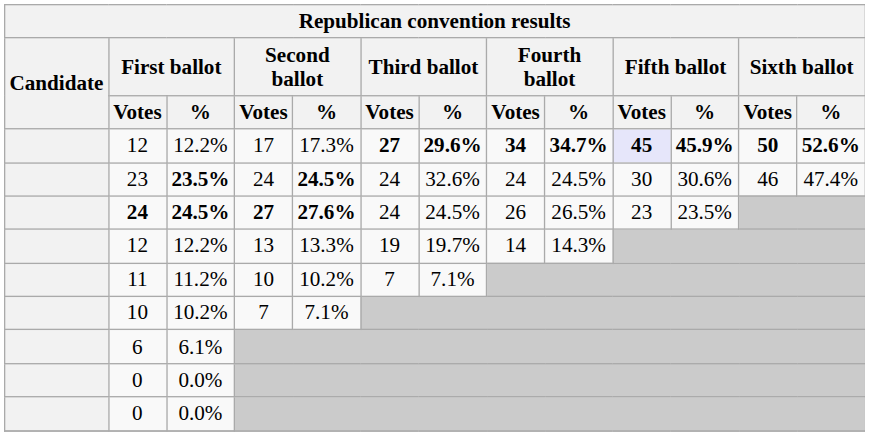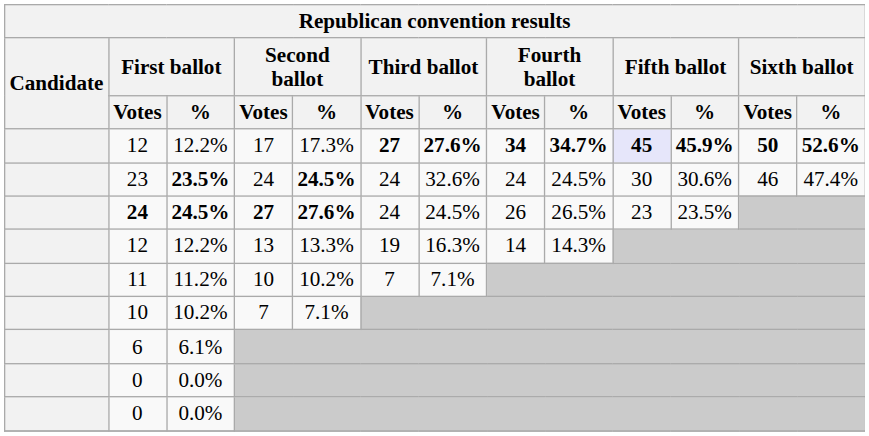 <table class="wikitable sortable plainrowheaders">
 <tr>
 <th colspan="13" >Republican convention results</th>
 </tr>
 <tr style="background:#eee; text-align:center;">
 <th scope="col" style="width: 12em" rowspan=2>Candidate</th>
 <th scope="col" style="width: 5em" colspan=2>First ballot</th>
 <th scope="col" style="width: 5em" colspan=2>Second ballot</th>
 <th scope="col" style="width: 5em" colspan=2>Third ballot</th>
 <th scope="col" style="width: 5em" colspan=2>Fourth ballot</th>
 <th scope="col" style="width: 5em" colspan=2>Fifth ballot</th>
 <th scope="col" style="width: 5em" colspan=2>Sixth ballot</th>
 </tr>
 <tr>
 <th>Votes</th>
 <th>%</th>
 <th>Votes</th>
 <th>%</th>
 <th>Votes</th>
 <th>%</th>
 <th>Votes</th>
 <th>%</th>
 <th>Votes</th>
 <th>%</th>
 <th>Votes</th>
 <th>%</th>
 </tr>
 <tr>
 <th scope="row"><strong></strong></th>
 <td style="text-align:center;">12</td>
 <td style="text-align:center;">12.2%</td>
 <td style="text-align:center;">17</td>
 <td style="text-align:center;">17.3%</td>
 <td style="text-align:center;"><strong>27</strong></td>
-<td style="text-align:center;"><strong>29.6%</strong></td>
+<td style="text-align:center;"><strong>27.6%</strong></td>
 <td style="text-align:center;"><strong>34</strong></td>
 <td style="text-align:center;"><strong>34.7%</strong></td>
 <td style="background: lavender; text-align:center;"><strong>45</strong></td>
 <td style="text-align:center;"><strong>45.9%</strong></td>
 <td style="text-align:center;"><strong>50</strong></td>
 <td style="text-align:center;"><strong>52.6%</strong></td>
 </tr>
 <tr>
 <th scope="row"></th>
 <td style="text-align:center;">23</td>
 <td style="text-align:center;"><strong>23.5%</strong></td>
 <td style="text-align:center;">24</td>
 <td style="text-align:center;"><strong>24.5%</strong></td>
 <td style="text-align:center;">24</td>
 <td style="text-align:center;">32.6%</td>
 <td style="text-align:center;">24</td>
 <td style="text-align:center;">24.5%</td>
 <td style="text-align:center;">30</td>
 <td style="text-align:center;">30.6%</td>
 <td style="text-align:center;">46</td>
 <td style="text-align:center;">47.4%</td>
 </tr>
 <tr>
 <th scope="row"></th>
 <td style="text-align:center;"><strong>24</strong></td>
 <td style="text-align:center;"><strong>24.5%</strong></td>
 <td style="text-align:center;"><strong>27</strong></td>
 <td style="text-align:center;"><strong>27.6%</strong></td>
 <td style="text-align:center;">24</td>
 <td style="text-align:center;">24.5%</td>
 <td style="text-align:center;">26</td>
 <td style="text-align:center;">26.5%</td>
 <td style="text-align:center;">23</td>
 <td style="text-align:center;">23.5%</td>
 <td colspan=2 style="text-align:center; background:#cbcbcb"></td>
 </tr>
 <tr>
 <th scope="row"></th>
 <td style="text-align:center;">12</td>
 <td style="text-align:center;">12.2%</td>
 <td style="text-align:center;">13</td>
 <td style="text-align:center;">13.3%</td>
 <td style="text-align:center;">19</td>
-<td style="text-align:center;">19.7%</td>
+<td style="text-align:center;">16.3%</td>
 <td style="text-align:center;">14</td>
 <td style="text-align:center;">14.3%</td>
 <td colspan=4 style="text-align:center; background:#cbcbcb"></td>
 </tr>
 <tr>
 <th scope="row"></th>
 <td style="text-align:center;">11</td>
 <td style="text-align:center;">11.2%</td>
 <td style="text-align:center;">10</td>
 <td style="text-align:center;">10.2%</td>
 <td style="text-align:center;">7</td>
 <td style="text-align:center;">7.1%</td>
 <td colspan=6 style="text-align:center; background:#cbcbcb"></td>
 </tr>
 <tr>
 <th scope="row"></th>
 <td style="text-align:center;">10</td>
 <td style="text-align:center;">10.2%</td>
 <td style="text-align:center;">7</td>
 <td style="text-align:center;">7.1%</td>
 <td colspan=8 style="text-align:center; background:#cbcbcb"></td>
 </tr>
 <tr>
 <th scope="row"></th>
 <td style="text-align:center;">6</td>
 <td style="text-align:center;">6.1%</td>
 <td colspan=10 style="text-align:center; background:#cbcbcb"></td>
 </tr>
 <tr>
 <th scope="row"></th>
 <td style="text-align:center;">0</td>
 <td style="text-align:center;">0.0%</td>
 <td colspan=10 style="text-align:center; background:#cbcbcb"></td>
 </tr>
 <tr>
 <th scope="row"></th>
 <td style="text-align:center;">0</td>
 <td style="text-align:center;">0.0%</td>
 <td colspan=10 style="text-align:center; background:#cbcbcb"></td>
 </tr>
 <tr>
 </tr>
 </table>
